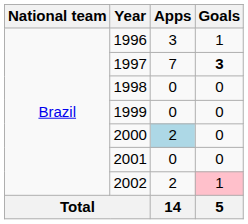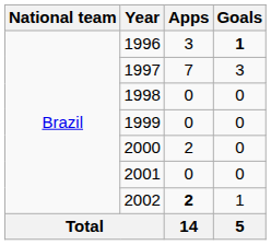 <table class="wikitable" style="text-align:center">
 <tr>
 <th>National team</th>
 <th>Year</th>
 <th>Apps</th>
 <th>Goals</th>
 </tr>
 <tr>
 <td rowspan="7"><a href='#'>Brazil</a></td>
 <td>1996</td>
 <td>3</td>
-<td>1</td>
+<td><strong>1</strong></td>
 </tr>
 <tr>
 <td>1997</td>
 <td>7</td>
-<td><strong>3</strong></td>
+<td>3</td>
 </tr>
 <tr>
 <td>1998</td>
 <td>0</td>
 <td>0</td>
 </tr>
 <tr>
 <td>1999</td>
 <td>0</td>
 <td>0</td>
 </tr>
 <tr>
 <td>2000</td>
-<td style="background: lightblue;">2</td>
+<td>2</td>
 <td>0</td>
 </tr>
 <tr>
 <td>2001</td>
 <td>0</td>
 <td>0</td>
 </tr>
 <tr>
 <td>2002</td>
-<td>2</td>
-<td style="background: pink;">1</td>
+<td><strong>2</strong></td>
+<td>1</td>
 </tr>
 <tr>
 <th colspan="2">Total</th>
 <th>14</th>
 <th>5</th>
 </tr>
 </table>
